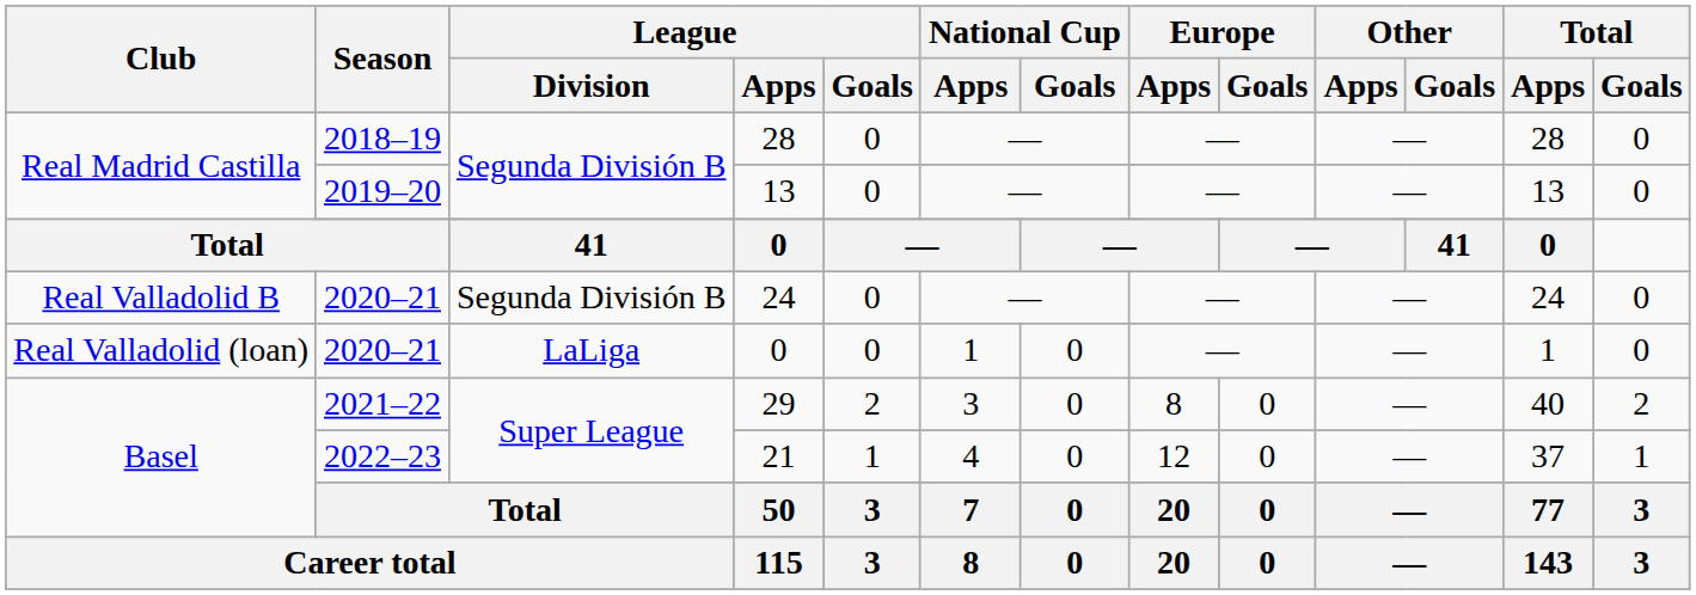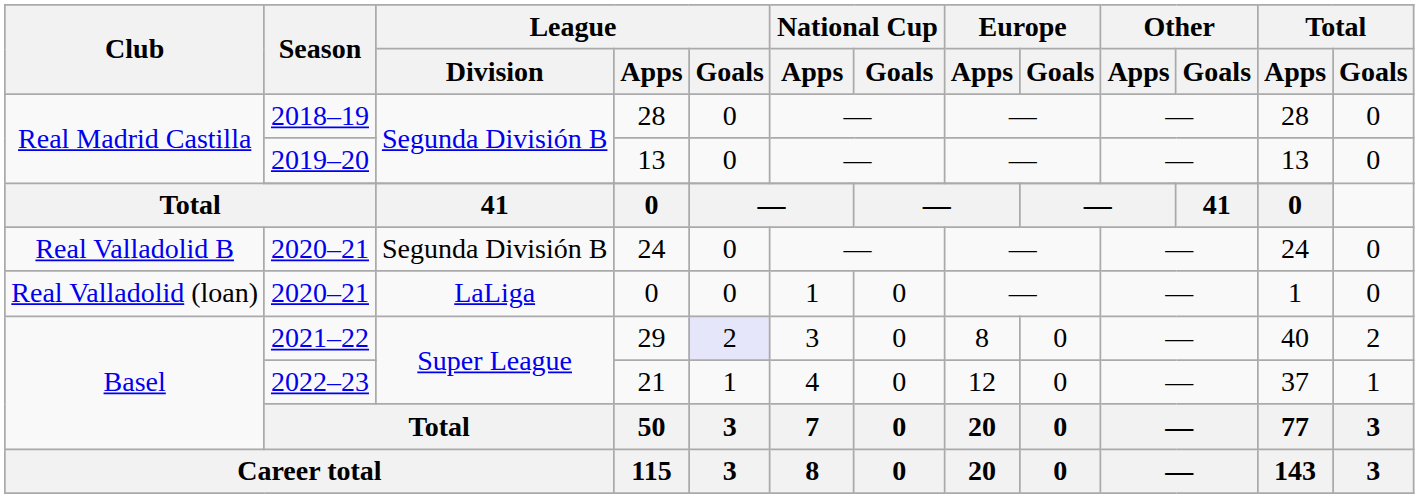 <table class="wikitable" style="text-align:center">
 <tr>
 <th rowspan="2">Club</th>
 <th rowspan="2">Season</th>
 <th colspan="3">League</th>
 <th colspan="2">National Cup</th>
 <th colspan="2">Europe</th>
 <th colspan="2">Other</th>
 <th colspan="2">Total</th>
 </tr>
 <tr>
 <th>Division</th>
 <th>Apps</th>
 <th>Goals</th>
 <th>Apps</th>
 <th>Goals</th>
 <th>Apps</th>
 <th>Goals</th>
 <th>Apps</th>
 <th>Goals</th>
 <th>Apps</th>
 <th>Goals</th>
 </tr>
 <tr>
 <td rowspan="3"><a href='#'>Real Madrid Castilla</a></td>
 <td><a href='#'>2018–19</a></td>
 <td rowspan="2"><a href='#'>Segunda División B</a></td>
 <td>28</td>
 <td>0</td>
 <td colspan="2">—</td>
 <td colspan="2">—</td>
 <td colspan="2">—</td>
 <td>28</td>
 <td>0</td>
 </tr>
 <tr>
 <td><a href='#'>2019–20</a></td>
 <td>13</td>
 <td>0</td>
 <td colspan="2">—</td>
 <td colspan="2">—</td>
 <td colspan="2">—</td>
 <td>13</td>
 <td>0</td>
 </tr>
 <tr>
 </tr>
 <tr>
 <th colspan="2">Total</th>
 <th>41</th>
 <th>0</th>
 <th colspan="2">—</th>
 <th colspan="2">—</th>
 <th colspan="2">—</th>
 <th>41</th>
 <th>0</th>
 </tr>
 <tr>
 <td><a href='#'>Real Valladolid B</a></td>
 <td><a href='#'>2020–21</a></td>
 <td>Segunda División B</td>
 <td>24</td>
 <td>0</td>
 <td colspan="2">—</td>
 <td colspan="2">—</td>
 <td colspan="2">—</td>
 <td>24</td>
 <td>0</td>
 </tr>
 <tr>
 <td><a href='#'>Real Valladolid</a> (loan)</td>
 <td><a href='#'>2020–21</a></td>
 <td><a href='#'>LaLiga</a></td>
 <td>0</td>
 <td>0</td>
 <td>1</td>
 <td>0</td>
 <td colspan="2">—</td>
 <td colspan="2">—</td>
 <td>1</td>
 <td>0</td>
 </tr>
 <tr>
 <td rowspan="3"><a href='#'>Basel</a></td>
 <td><a href='#'>2021–22</a></td>
 <td rowspan="2"><a href='#'>Super League</a></td>
 <td>29</td>
-<td>2</td>
+<td style="background: lavender;">2</td>
 <td>3</td>
 <td>0</td>
 <td>8</td>
 <td>0</td>
 <td colspan="2">—</td>
 <td>40</td>
 <td>2</td>
 </tr>
 <tr>
 <td><a href='#'>2022–23</a></td>
 <td>21</td>
 <td>1</td>
 <td>4</td>
 <td>0</td>
 <td>12</td>
 <td>0</td>
 <td colspan="2">—</td>
 <td>37</td>
 <td>1</td>
 </tr>
 <tr>
 <th colspan="2">Total</th>
 <th>50</th>
 <th>3</th>
 <th>7</th>
 <th>0</th>
 <th>20</th>
 <th>0</th>
 <th colspan="2">—</th>
 <th>77</th>
 <th>3</th>
 </tr>
 <tr>
 <th colspan="3">Career total</th>
 <th>115</th>
 <th>3</th>
 <th>8</th>
 <th>0</th>
 <th>20</th>
 <th>0</th>
 <th colspan="2">—</th>
 <th>143</th>
 <th>3</th>
 </tr>
 </table>
